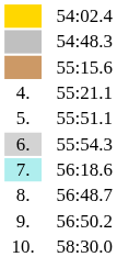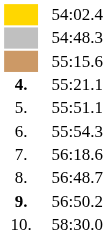 <table style="text-align:center">
 <tr>
 <td width=30 bgcolor=gold></td>
 <td align=left></td>
 <td width=60>54:02.4</td>
 </tr>
 <tr>
 <td bgcolor=silver></td>
 <td align=left></td>
 <td>54:48.3</td>
 </tr>
 <tr>
 <td bgcolor=cc9966></td>
 <td align=left></td>
 <td>55:15.6</td>
 </tr>
 <tr>
-<td>4.</td>
+<td><strong>4.</strong></td>
 <td align=left></td>
 <td>55:21.1</td>
 </tr>
 <tr>
 <td>5.</td>
 <td align=left></td>
 <td>55:51.1</td>
 </tr>
 <tr>
-<td style="background: lightgrey;">6.</td>
+<td>6.</td>
 <td align=left></td>
 <td>55:54.3</td>
 </tr>
 <tr>
-<td style="background: paleturquoise;">7.</td>
+<td>7.</td>
 <td align=left></td>
 <td>56:18.6</td>
 </tr>
 <tr>
 <td>8.</td>
 <td align=left></td>
 <td>56:48.7</td>
 </tr>
 <tr>
-<td>9.</td>
+<td><strong>9.</strong></td>
 <td align=left></td>
 <td>56:50.2</td>
 </tr>
 <tr>
 <td>10.</td>
 <td align=left></td>
 <td>58:30.0</td>
 </tr>
 </table>
